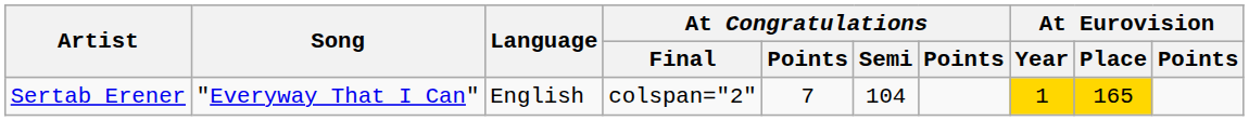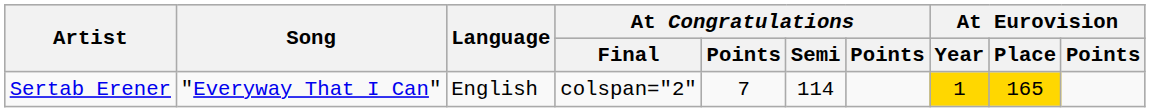 <table class="wikitable">
 <tr>
 <th rowspan="2" scope="col">Artist</th>
 <th rowspan="2" scope="col">Song</th>
 <th scope="col" rowspan="2">Language</th>
 <th scope="colgroup" colspan="4">At <em>Congratulations</em></th>
 <th scope="colgroup" colspan="3">At Eurovision</th>
 </tr>
 <tr>
 <th scope="col">Final</th>
 <th scope="col">Points</th>
 <th scope="col">Semi</th>
 <th scope="col">Points</th>
 <th scope="col">Year</th>
 <th scope="col">Place</th>
 <th scope="col">Points</th>
 </tr>
 <tr>
 <td><a href='#'>Sertab Erener</a></td>
 <td>"<a href='#'>Everyway That I Can</a>"</td>
 <td>English</td>
 <td>colspan="2" </td>
 <td style="text-align:center;">7</td>
-<td style="text-align:center;">104</td>
+<td style="text-align:center;">114</td>
 <td style="text-align:center;"></td>
 <td style="text-align:center; background-color:#FFD700;">1</td>
 <td style="text-align:center; background-color:#FFD700;">165</td>
 </tr>
 </table>
